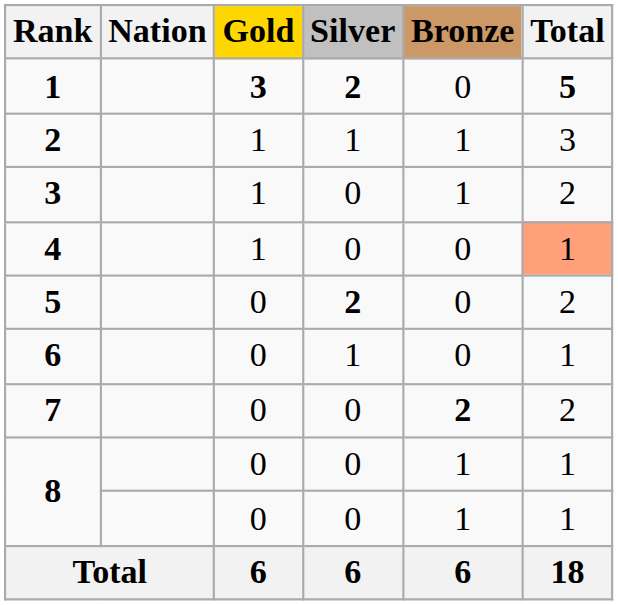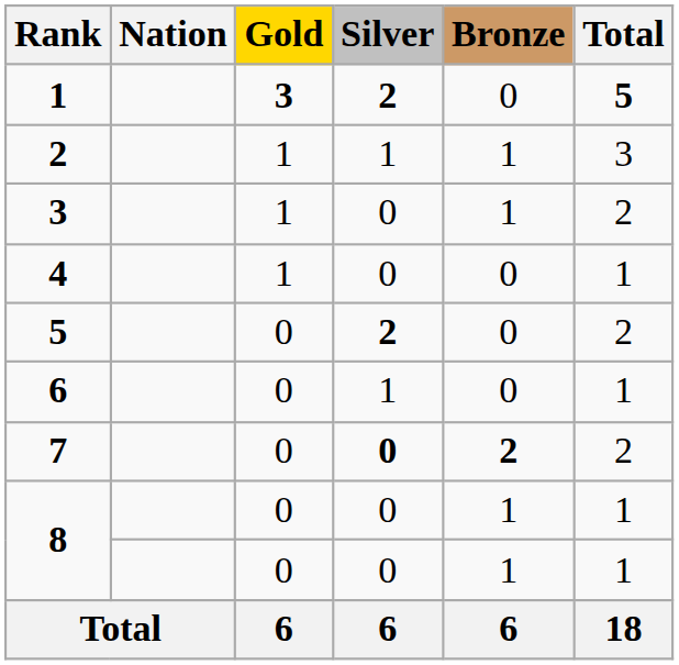 <table class="wikitable plainrowheaders" style="text-align:center;">
 <tr>
 <th>Rank</th>
 <th>Nation</th>
 <th style="background:    gold;">Gold</th>
 <th style="background:  silver;">Silver</th>
 <th style="background: #CC9966;">Bronze</th>
 <th>Total</th>
 </tr>
 <tr>
 <td><strong>1</strong></td>
 <td align=left></td>
 <td><strong>3</strong></td>
 <td><strong>2</strong></td>
 <td>0</td>
 <td><strong>5</strong></td>
 </tr>
 <tr>
 <td><strong>2</strong></td>
 <td align=left></td>
 <td>1</td>
 <td>1</td>
 <td>1</td>
 <td>3</td>
 </tr>
 <tr>
 <td><strong>3</strong></td>
 <td align=left></td>
 <td>1</td>
 <td>0</td>
 <td>1</td>
 <td>2</td>
 </tr>
 <tr>
 <td><strong>4</strong></td>
 <td align=left></td>
 <td>1</td>
 <td>0</td>
 <td>0</td>
-<td style="background: lightsalmon;">1</td>
+<td>1</td>
 </tr>
 <tr>
 <td><strong>5</strong></td>
 <td align=left></td>
 <td>0</td>
 <td><strong>2</strong></td>
 <td>0</td>
 <td>2</td>
 </tr>
 <tr>
 <td><strong>6</strong></td>
 <td align=left></td>
 <td>0</td>
 <td>1</td>
 <td>0</td>
 <td>1</td>
 </tr>
 <tr>
 <td><strong>7</strong></td>
 <td align=left></td>
 <td>0</td>
-<td>0</td>
+<td><strong>0</strong></td>
 <td><strong>2</strong></td>
 <td>2</td>
 </tr>
 <tr>
 <td rowspan=2><strong>8</strong></td>
 <td align=left></td>
 <td>0</td>
 <td>0</td>
 <td>1</td>
 <td>1</td>
 </tr>
 <tr>
 <td align=left></td>
 <td>0</td>
 <td>0</td>
 <td>1</td>
 <td>1</td>
 </tr>
 <tr>
 <th colspan=2>Total</th>
 <th>6</th>
 <th>6</th>
 <th>6</th>
 <th>18</th>
 </tr>
 </table>
